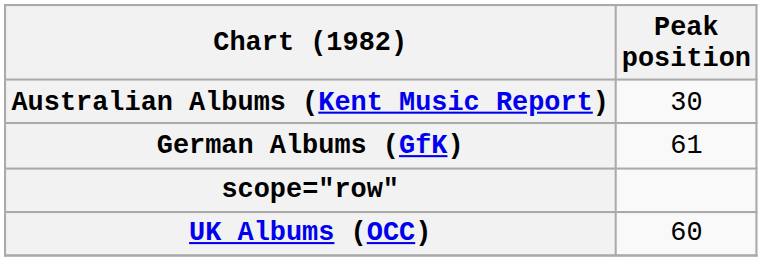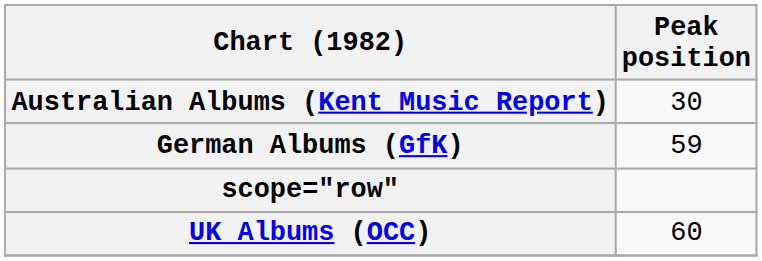 <table class="wikitable plainrowheaders">
 <tr>
 <th scope="col">Chart (1982)</th>
 <th scope="col">Peak<br>position</th>
 </tr>
 <tr>
 <th scope="row">Australian Albums (<a href='#'>Kent Music Report</a>)</th>
 <td align="center">30</td>
 </tr>
 <tr>
 <th scope="row">German Albums (<a href='#'>GfK</a>)</th>
-<td align="center">61</td>
+<td align="center">59</td>
 </tr>
 <tr>
 <th>scope="row"</th>
 </tr>
 <tr>
 <th scope="row"><a href='#'>UK Albums</a> (<a href='#'>OCC</a>)</th>
 <td align="center">60</td>
 </tr>
 <tr>
 </tr>
 </table>
